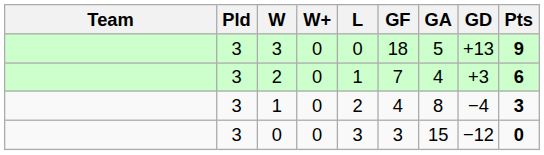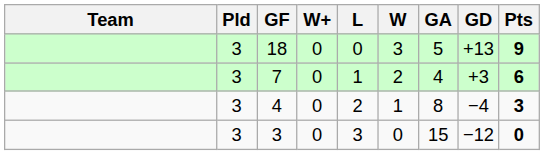 <table class="wikitable" style="text-align: center; font-size:90% ">
 <tr>
 <th width=160>Team</th>
 <th width=25>Pld</th>
-<th width=25>W</th>
+<th width=25>GF</th>
 <th width=25>W+</th>
 <th width=25>L</th>
-<th width=25>GF</th>
+<th width=25>W</th>
 <th width=25>GA</th>
 <th width=25>GD</th>
 <th width=25>Pts</th>
 </tr>
 <tr bgcolor=ccffcc>
 <td align=left></td>
 <td>3</td>
-<td>3</td>
+<td>18</td>
 <td>0</td>
 <td>0</td>
-<td>18</td>
+<td>3</td>
 <td>5</td>
 <td>+13</td>
 <td><strong>9</strong></td>
 </tr>
 <tr bgcolor=ccffcc>
 <td align=left></td>
 <td>3</td>
-<td>2</td>
+<td>7</td>
 <td>0</td>
 <td>1</td>
-<td>7</td>
+<td>2</td>
 <td>4</td>
 <td>+3</td>
 <td><strong>6</strong></td>
 </tr>
 <tr>
 <td align=left></td>
 <td>3</td>
-<td>1</td>
+<td>4</td>
 <td>0</td>
 <td>2</td>
-<td>4</td>
+<td>1</td>
 <td>8</td>
 <td>−4</td>
 <td><strong>3</strong></td>
 </tr>
 <tr>
 <td align=left></td>
 <td>3</td>
-<td>0</td>
+<td>3</td>
 <td>0</td>
 <td>3</td>
-<td>3</td>
+<td>0</td>
 <td>15</td>
 <td>−12</td>
 <td><strong>0</strong></td>
 </tr>
 </table>
